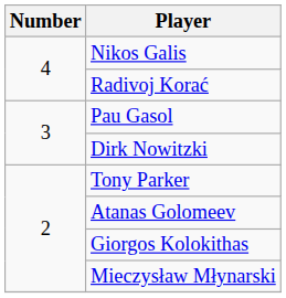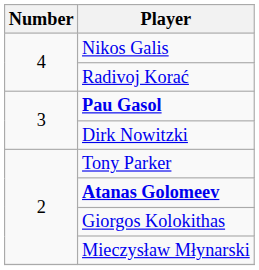 <table class="wikitable">
 <tr>
 <th>Number</th>
 <th>Player</th>
 </tr>
 <tr>
 <td rowspan="2" style="text-align:center;">4</td>
 <td> <a href='#'>Nikos Galis</a></td>
 </tr>
 <tr>
 <td> <a href='#'>Radivoj Korać</a></td>
 </tr>
 <tr>
 <td rowspan="2" style="text-align:center;">3</td>
-<td> <a href='#'>Pau Gasol</a></td>
+<td><strong> <a href='#'>Pau Gasol</a></strong></td>
 </tr>
 <tr>
 <td> <a href='#'>Dirk Nowitzki</a></td>
 </tr>
 <tr>
 <td rowspan="4" style="text-align:center;">2</td>
 <td> <a href='#'>Tony Parker</a></td>
 </tr>
 <tr>
-<td> <a href='#'>Atanas Golomeev</a></td>
+<td><strong> <a href='#'>Atanas Golomeev</a></strong></td>
 </tr>
 <tr>
 <td> <a href='#'>Giorgos Kolokithas</a></td>
 </tr>
 <tr>
 <td> <a href='#'>Mieczysław Młynarski</a></td>
 </tr>
 <tr>
 </tr>
 </table>
